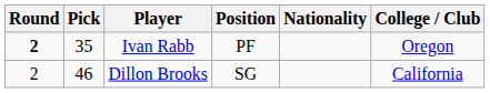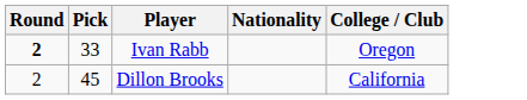 <table class="wikitable sortable sortable">
 <tr>
 <th>Round</th>
 <th>Pick</th>
 <th>Player</th>
-<th>Position</th>
 <th>Nationality</th>
 <th>College / Club</th>
 </tr>
 <tr style="text-align: center">
 <td><strong>2</strong></td>
-<td>35</td>
+<td>33</td>
 <td><a href='#'>Ivan Rabb</a></td>
-<td>PF</td>
 <td></td>
 <td><a href='#'>Oregon</a></td>
 </tr>
 <tr style="text-align: center">
 <td>2</td>
-<td>46</td>
+<td>45</td>
 <td><a href='#'>Dillon Brooks</a></td>
-<td>SG</td>
 <td></td>
 <td><a href='#'>California</a></td>
 </tr>
 </table>
